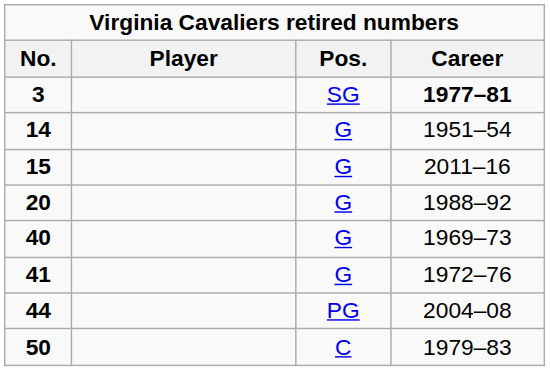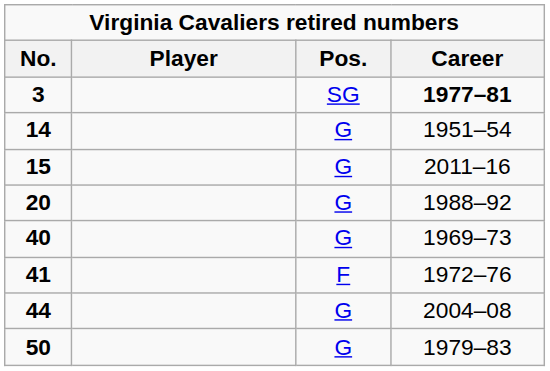 <table class="wikitable sortable" style="text-align:center">
 <tr>
 <td colspan="5"><strong>Virginia Cavaliers retired numbers</strong></td>
 </tr>
 <tr>
 <th style="width:40px; ">No.</th>
 <th style="width:150px; ">Player</th>
 <th style="width:60px; ">Pos.</th>
 <th style="width:100px; ">Career</th>
 </tr>
 <tr>
 <td><strong>3</strong></td>
 <td></td>
 <td><a href='#'>SG</a></td>
 <td><strong>1977–81</strong></td>
 </tr>
 <tr>
 <td><strong>14</strong></td>
 <td></td>
 <td><a href='#'>G</a></td>
 <td>1951–54</td>
 </tr>
 <tr>
 <td><strong>15</strong></td>
 <td></td>
 <td><a href='#'>G</a></td>
 <td>2011–16</td>
 </tr>
 <tr>
 <td><strong>20</strong></td>
 <td></td>
 <td><a href='#'>G</a></td>
 <td>1988–92</td>
 </tr>
 <tr>
 <td><strong>40</strong></td>
 <td></td>
 <td><a href='#'>G</a></td>
 <td>1969–73</td>
 </tr>
 <tr>
 <td><strong>41</strong></td>
 <td></td>
-<td><a href='#'>G</a></td>
+<td><a href='#'>F</a></td>
 <td>1972–76</td>
 </tr>
 <tr>
 <td><strong>44</strong></td>
 <td></td>
-<td><a href='#'>PG</a></td>
+<td><a href='#'>G</a></td>
 <td>2004–08</td>
 </tr>
 <tr>
 <td><strong>50</strong></td>
 <td></td>
-<td><a href='#'>C</a></td>
+<td><a href='#'>G</a></td>
 <td>1979–83</td>
 </tr>
 </table>
